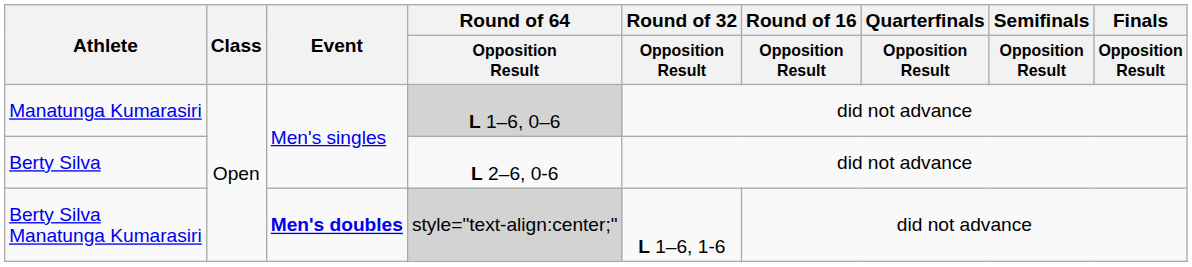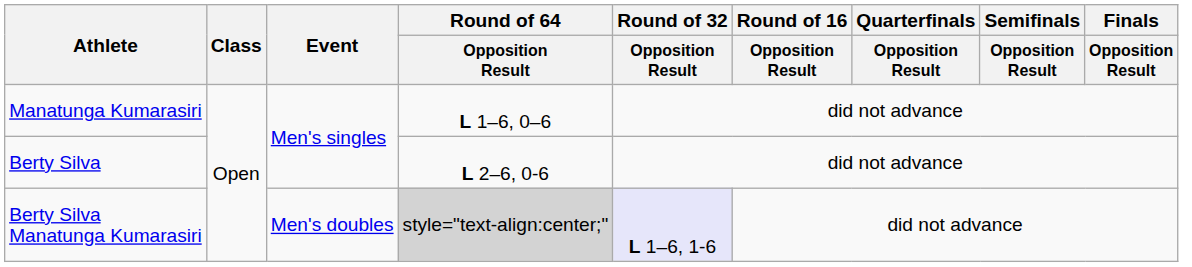 <table class=wikitable style="font-size:90%">
 <tr>
 <th rowspan="2">Athlete</th>
 <th rowspan="2">Class</th>
 <th rowspan="2">Event</th>
 <th>Round of 64</th>
 <th>Round of 32</th>
 <th>Round of 16</th>
 <th>Quarterfinals</th>
 <th>Semifinals</th>
 <th>Finals</th>
 </tr>
 <tr>
 <th style="line-height:1em"><small>Opposition<br>Result</small></th>
 <th style="line-height:1em"><small>Opposition<br>Result</small></th>
 <th style="line-height:1em"><small>Opposition<br>Result</small></th>
 <th style="line-height:1em"><small>Opposition<br>Result</small></th>
 <th style="line-height:1em"><small>Opposition<br>Result</small></th>
 <th style="line-height:1em"><small>Opposition<br>Result</small></th>
 </tr>
 <tr>
 <td><a href='#'>Manatunga Kumarasiri</a></td>
 <td rowspan="3" style="text-align:center;">Open</td>
 <td rowspan="2"><a href='#'>Men's singles</a></td>
-<td style="background: lightgrey; text-align:center;"><br><strong>L</strong> 1–6, 0–6</td>
+<td style="text-align:center;"><br><strong>L</strong> 1–6, 0–6</td>
 <td style="text-align:center;" colspan="5">did not advance</td>
 </tr>
 <tr>
 <td><a href='#'>Berty Silva</a></td>
 <td style="text-align:center;"><br><strong>L</strong> 2–6, 0-6</td>
 <td style="text-align:center;" colspan="5">did not advance</td>
 </tr>
 <tr>
 <td><a href='#'>Berty Silva</a><br> <a href='#'>Manatunga Kumarasiri</a></td>
-<td><strong><a href='#'>Men's doubles</a></strong></td>
+<td><a href='#'>Men's doubles</a></td>
 <td style="background: lightgrey;">style="text-align:center;" </td>
-<td style="text-align:center;"><br> <br><strong>L</strong> 1–6, 1-6</td>
+<td style="background: lavender; text-align:center;"><br> <br><strong>L</strong> 1–6, 1-6</td>
 <td style="text-align:center;" colspan="4">did not advance</td>
 </tr>
 </table>
